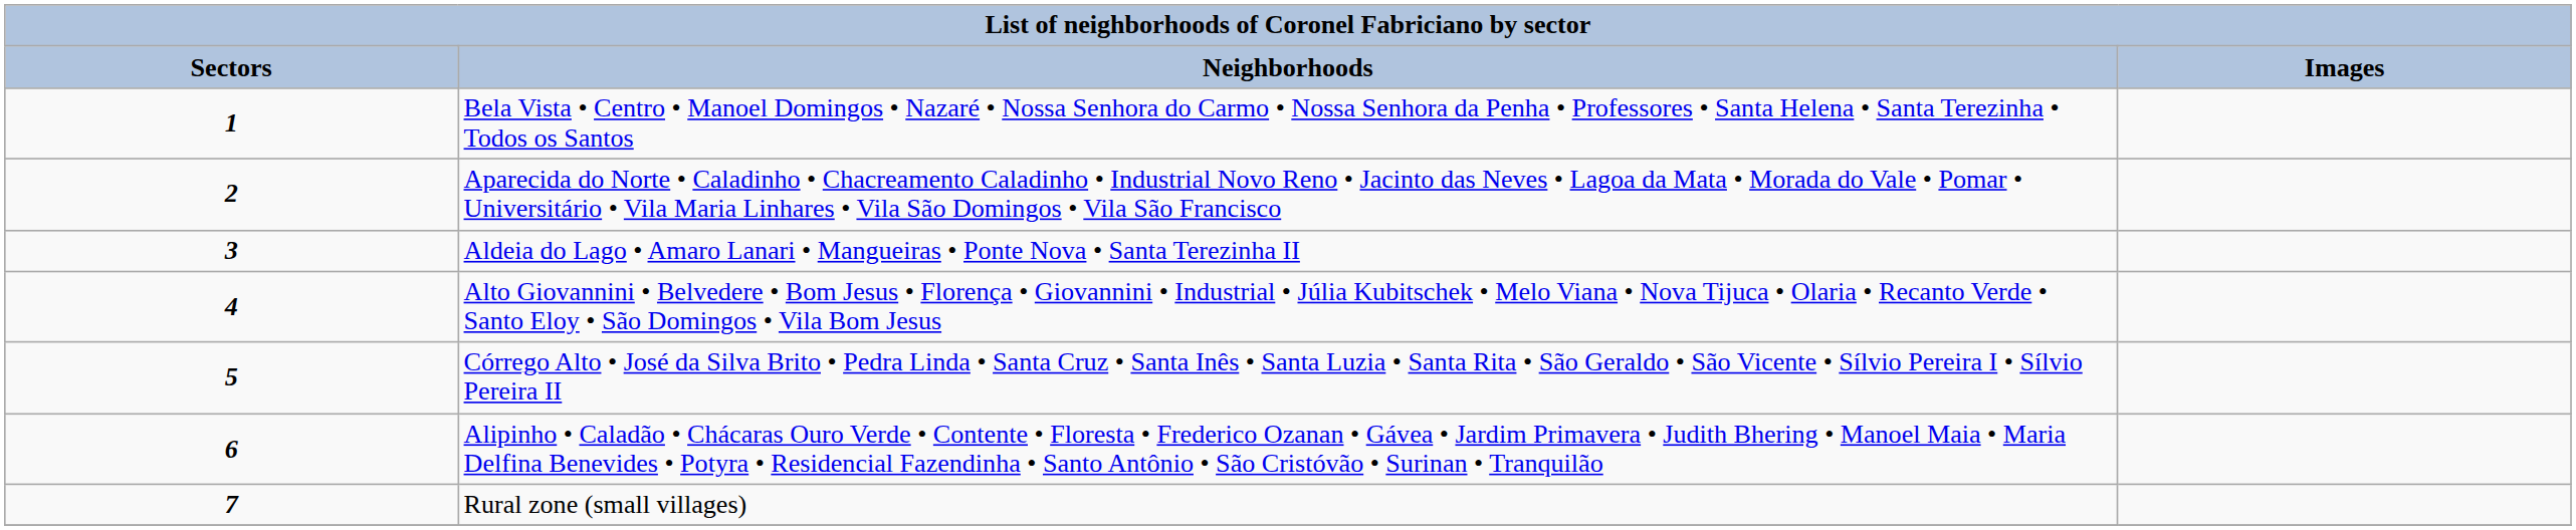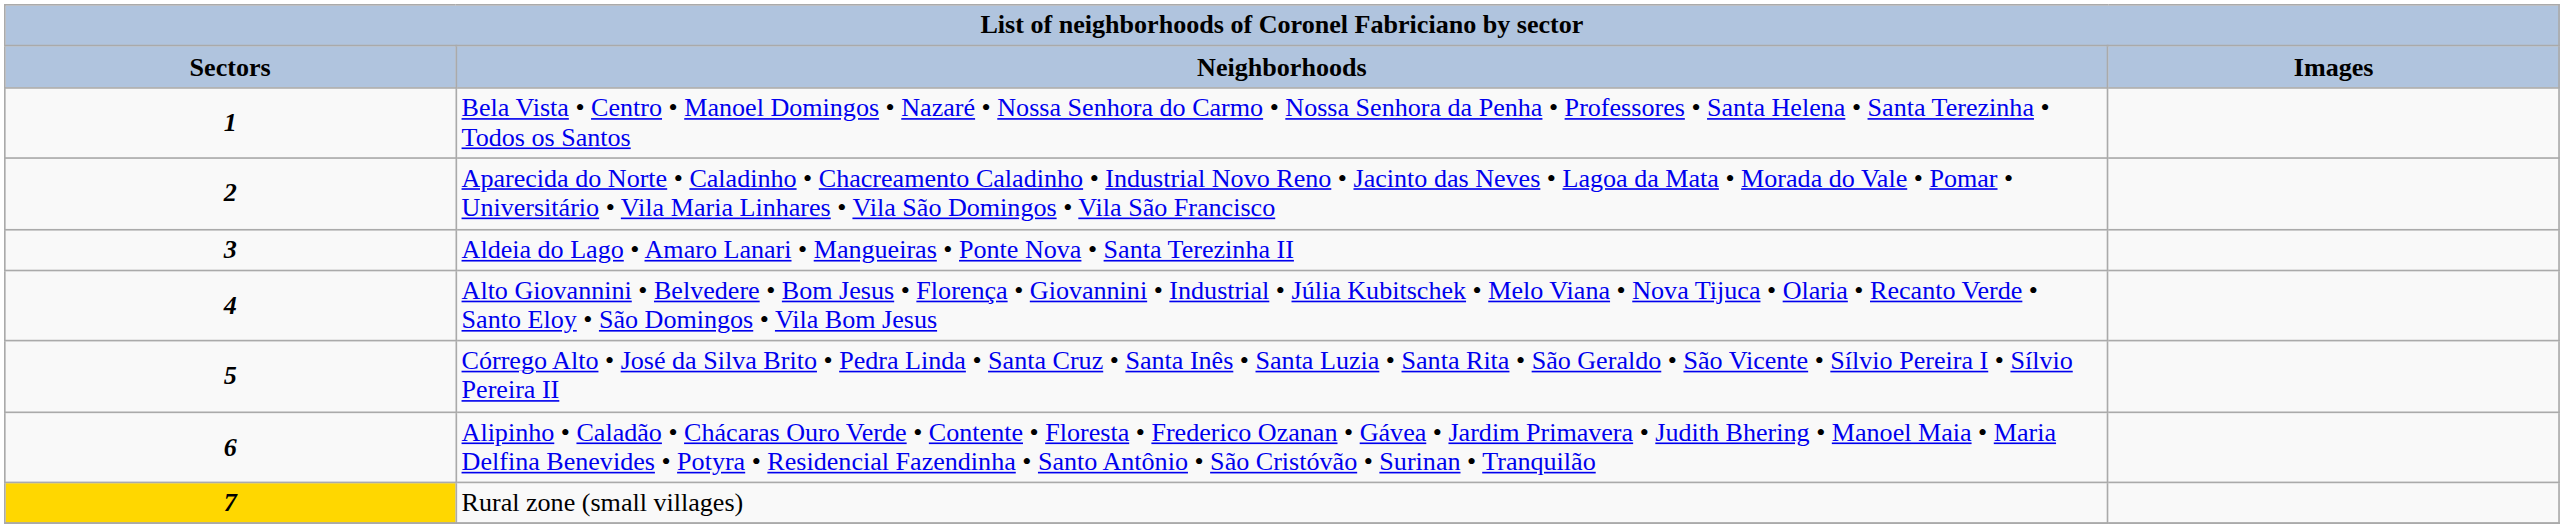 <table class="wikitable">
 <tr>
 <td align=center style=background:#B0C4DE  colspan=3><strong>List of neighborhoods of Coronel Fabriciano by sector</strong></td>
 </tr>
 <tr>
 <td align=center style=background:#B0C4DE width=15%><strong>Sectors</strong></td>
 <td align=center style=background:#B0C4DE width="55%"><strong>Neighborhoods</strong></td>
 <td align=center style=background:#B0C4DE width="15%"><strong>Images</strong></td>
 </tr>
 <tr>
 <td align=center><strong><em>1</em></strong></td>
 <td><a href='#'>Bela Vista</a> • <a href='#'>Centro</a> • <a href='#'>Manoel Domingos</a> • <a href='#'>Nazaré</a> • <a href='#'>Nossa Senhora do Carmo</a> • <a href='#'>Nossa Senhora da Penha</a> • <a href='#'>Professores</a> • <a href='#'>Santa Helena</a> • <a href='#'>Santa Terezinha</a> • <a href='#'>Todos os Santos</a></td>
 <td align="center"></td>
 </tr>
 <tr>
 <td align=center><strong><em>2</em></strong></td>
 <td><a href='#'>Aparecida do Norte</a> • <a href='#'>Caladinho</a> • <a href='#'>Chacreamento Caladinho</a> • <a href='#'>Industrial Novo Reno</a> • <a href='#'>Jacinto das Neves</a> • <a href='#'>Lagoa da Mata</a>  • <a href='#'>Morada do Vale</a> • <a href='#'>Pomar</a> • <a href='#'>Universitário</a> • <a href='#'>Vila Maria Linhares</a> • <a href='#'>Vila São Domingos</a> • <a href='#'>Vila São Francisco</a></td>
 <td align="center"></td>
 </tr>
 <tr>
 <td align=center><strong><em>3</em></strong></td>
 <td><a href='#'>Aldeia do Lago</a> • <a href='#'>Amaro Lanari</a> • <a href='#'>Mangueiras</a> • <a href='#'>Ponte Nova</a> • <a href='#'>Santa Terezinha II</a></td>
 <td align="center"></td>
 </tr>
 <tr>
 <td align=center><strong><em>4</em></strong></td>
 <td><a href='#'>Alto Giovannini</a> • <a href='#'>Belvedere</a> • <a href='#'>Bom Jesus</a> • <a href='#'>Florença</a> • <a href='#'>Giovannini</a> • <a href='#'>Industrial</a> • <a href='#'>Júlia Kubitschek</a> • <a href='#'>Melo Viana</a> • <a href='#'>Nova Tijuca</a> • <a href='#'>Olaria</a> • <a href='#'>Recanto Verde</a> • <a href='#'>Santo Eloy</a> • <a href='#'>São Domingos</a> • <a href='#'>Vila Bom Jesus</a></td>
 <td align="center"></td>
 </tr>
 <tr>
 <td align=center><strong><em>5</em></strong></td>
 <td><a href='#'>Córrego Alto</a> • <a href='#'>José da Silva Brito</a> • <a href='#'>Pedra Linda</a>  • <a href='#'>Santa Cruz</a> • <a href='#'>Santa Inês</a> • <a href='#'>Santa Luzia</a> • <a href='#'>Santa Rita</a> • <a href='#'>São Geraldo</a> • <a href='#'>São Vicente</a> • <a href='#'>Sílvio Pereira I</a> • <a href='#'>Sílvio Pereira II</a></td>
 <td align="center"></td>
 </tr>
 <tr>
 <td align=center><strong><em>6</em></strong></td>
 <td><a href='#'>Alipinho</a> • <a href='#'>Caladão</a> • <a href='#'>Chácaras Ouro Verde</a> • <a href='#'>Contente</a> • <a href='#'>Floresta</a> • <a href='#'>Frederico Ozanan</a> • <a href='#'>Gávea</a> • <a href='#'>Jardim Primavera</a> • <a href='#'>Judith Bhering</a> • <a href='#'>Manoel Maia</a> • <a href='#'>Maria Delfina Benevides</a> • <a href='#'>Potyra</a> • <a href='#'>Residencial Fazendinha</a> • <a href='#'>Santo Antônio</a> • <a href='#'>São Cristóvão</a> • <a href='#'>Surinan</a> • <a href='#'>Tranquilão</a></td>
 <td align="center"></td>
 </tr>
 <tr>
-<td align=center><strong><em>7</em></strong></td>
+<td align=center style="background: gold;"><strong><em>7</em></strong></td>
 <td>Rural zone (small villages)</td>
 <td align="center"></td>
 </tr>
 <tr>
 </tr>
 </table>
